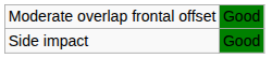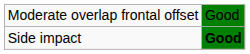 <table class="wikitable">
 <tr>
 <td>Moderate overlap frontal offset</td>
 <td style="background: green">Good</td>
 </tr>
 <tr>
 <td>Side impact</td>
-<td style="background: green">Good</td>
+<td style="background: green"><strong>Good</strong></td>
 </tr>
 </table>
